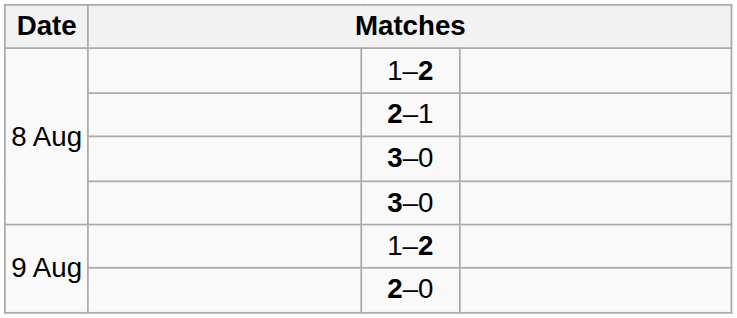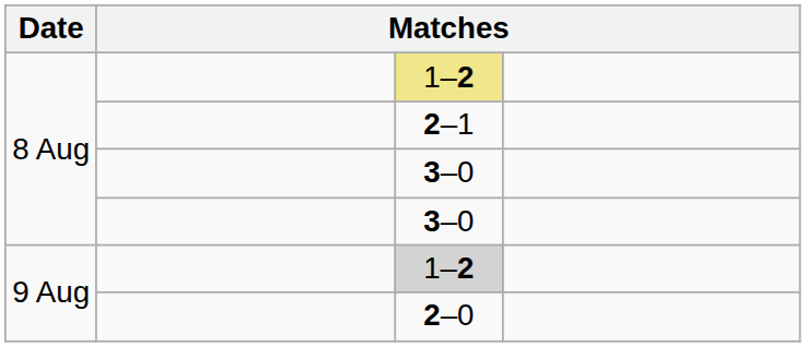 <table class="wikitable">
 <tr>
 <th>Date</th>
 <th colspan=3>Matches</th>
 </tr>
 <tr>
 <td rowspan=4>8 Aug</td>
 <td width=150></td>
-<td style="width:50px" align=center>1–<strong>2</strong></td>
+<td style="background: khaki; width:50px" align=center>1–<strong>2</strong></td>
 <td width=150><strong></strong></td>
 </tr>
 <tr>
 <td width=150><strong></strong></td>
 <td style="width:50px" align=center><strong>2</strong>–1</td>
 <td width=150></td>
 </tr>
 <tr>
 <td width=150><strong></strong></td>
 <td style="width:50px" align=center><strong>3</strong>–0</td>
 <td width=150></td>
 </tr>
 <tr>
 <td width=150><strong></strong></td>
 <td style="width:50px" align=center><strong>3</strong>–0</td>
 <td width=150></td>
 </tr>
 <tr>
 <td rowspan=2>9 Aug</td>
 <td width=150></td>
-<td style="width:50px" align=center>1–<strong>2</strong></td>
+<td style="background: lightgrey; width:50px" align=center>1–<strong>2</strong></td>
 <td width=150><strong></strong></td>
 </tr>
 <tr>
 <td width=150><strong></strong></td>
 <td style="width:50px" align=center><strong>2</strong>–0</td>
 <td width=150></td>
 </tr>
 </table>
